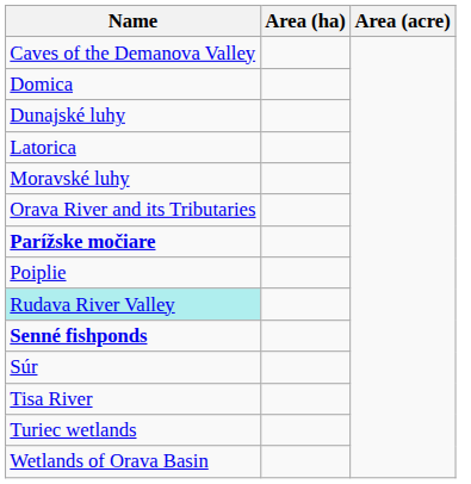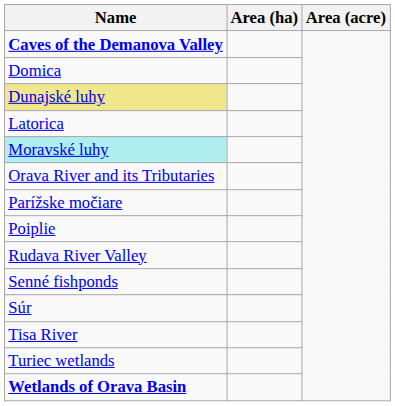 <table class="wikitable">
 <tr>
 <th scope="col" align=left>Name</th>
 <th scope="col">Area (ha)</th>
 <th scope="col">Area (acre)</th>
 </tr>
 <tr ---->
-<td><a href='#'>Caves of the Demanova Valley</a></td>
+<td><strong><a href='#'>Caves of the Demanova Valley</a></strong></td>
 <td></td>
 </tr>
 <tr ---->
 <td><a href='#'>Domica</a></td>
 <td></td>
 </tr>
 <tr ---->
-<td><a href='#'>Dunajské luhy</a></td>
+<td style="background: khaki;"><a href='#'>Dunajské luhy</a></td>
 <td></td>
 </tr>
 <tr ---->
 <td><a href='#'>Latorica</a></td>
 <td></td>
 </tr>
 <tr ---->
-<td><a href='#'>Moravské luhy</a></td>
+<td style="background: paleturquoise;"><a href='#'>Moravské luhy</a></td>
 <td></td>
 </tr>
 <tr ---->
 <td><a href='#'>Orava River and its Tributaries</a></td>
 <td></td>
 </tr>
 <tr ---->
-<td><strong><a href='#'>Parížske močiare</a></strong></td>
+<td><a href='#'>Parížske močiare</a></td>
 <td></td>
 </tr>
 <tr ---->
 <td><a href='#'>Poiplie</a></td>
 <td></td>
 </tr>
 <tr ---->
-<td style="background: paleturquoise;"><a href='#'>Rudava River Valley</a></td>
+<td><a href='#'>Rudava River Valley</a></td>
 <td></td>
 </tr>
 <tr ---->
-<td><strong><a href='#'>Senné fishponds</a></strong></td>
+<td><a href='#'>Senné fishponds</a></td>
 <td></td>
 </tr>
 <tr ---->
 <td><a href='#'>Súr</a></td>
 <td></td>
 </tr>
 <tr ---->
 <td><a href='#'>Tisa River</a></td>
 <td></td>
 </tr>
 <tr ---->
 <td><a href='#'>Turiec wetlands</a></td>
 <td></td>
 </tr>
 <tr ---->
-<td><a href='#'>Wetlands of Orava Basin</a></td>
+<td><strong><a href='#'>Wetlands of Orava Basin</a></strong></td>
 <td></td>
 </tr>
 </table>
